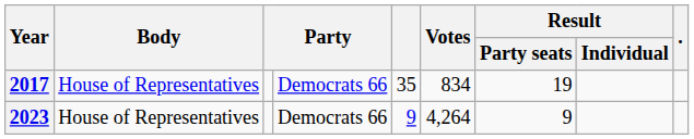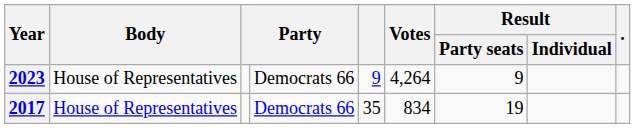 <table class="wikitable plainrowheaders sortable" border=2 cellpadding=4 cellspacing=0 style="border: 1px #aaa solid; font-size: 90%; text-align:center;">
 <tr>
 <th scope="col" rowspan=2>Year</th>
 <th scope="col" rowspan=2>Body</th>
 <th scope="col" colspan=2 rowspan=2>Party</th>
 <th scope="col" rowspan=2></th>
 <th scope="col" rowspan=2>Votes</th>
 <th scope="colgroup" colspan=2>Result</th>
 <th scope="col" rowspan=2 class="unsortable">.</th>
 </tr>
 <tr>
 <th scope="col">Party seats</th>
 <th scope="col">Individual</th>
 </tr>
 <tr>
+<th scope="row"><a href='#'>2023</a></th>
+<td>House of Representatives</td>
+<td style="background-color:"></td>
+<td>Democrats 66</td>
+<td style=text-align:right><a href='#'>9</a></td>
+<td style=text-align:right>4,264</td>
+<td style=text-align:right>9</td>
+<td></td>
+<td></td>
+</tr>
+<tr>
 <th scope="row"><a href='#'>2017</a></th>
 <td><a href='#'>House of Representatives</a></td>
 <td style="background-color:"></td>
 <td><a href='#'>Democrats 66</a></td>
 <td style=text-align:right>35</td>
 <td style=text-align:right>834</td>
 <td style=text-align:right>19</td>
 <td></td>
 <td></td>
 </tr>
-<tr>
-<th scope="row"><a href='#'>2023</a></th>
-<td>House of Representatives</td>
-<td style="background-color:"></td>
-<td>Democrats 66</td>
-<td style=text-align:right><a href='#'>9</a></td>
-<td style=text-align:right>4,264</td>
-<td style=text-align:right>9</td>
-<td></td>
-<td></td>
-</tr>
 </table>
